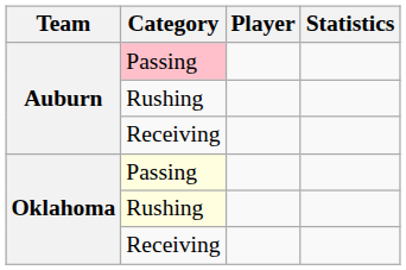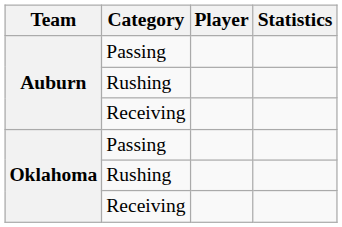 <table class="wikitable" style="float:right">
 <tr>
 <th>Team</th>
 <th>Category</th>
 <th>Player</th>
 <th>Statistics</th>
 </tr>
 <tr>
 <th rowspan=3>Auburn</th>
-<td style="background: pink;">Passing</td>
+<td>Passing</td>
 <td></td>
 <td></td>
 </tr>
 <tr>
 <td>Rushing</td>
 <td></td>
 <td></td>
 </tr>
 <tr>
 <td>Receiving</td>
 <td></td>
 <td></td>
 </tr>
 <tr>
 <th rowspan=3>Oklahoma</th>
-<td style="background: lightyellow;">Passing</td>
+<td>Passing</td>
 <td></td>
 <td></td>
 </tr>
 <tr>
-<td style="background: lightyellow;">Rushing</td>
+<td>Rushing</td>
 <td></td>
 <td></td>
 </tr>
 <tr>
 <td>Receiving</td>
 <td></td>
 <td></td>
 </tr>
 </table>
